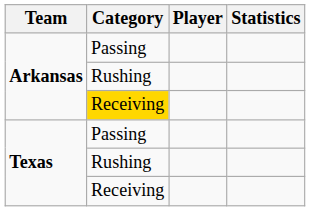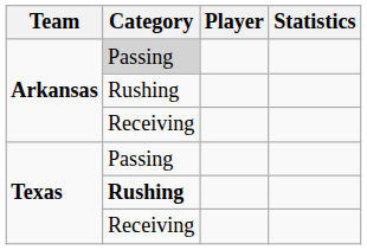 <table class="wikitable" style="float: right;">
 <tr>
 <th>Team</th>
 <th>Category</th>
 <th>Player</th>
 <th>Statistics</th>
 </tr>
 <tr>
 <td rowspan=3><strong>Arkansas</strong></td>
-<td>Passing</td>
-<td></td>
-<td></td>
-</tr>
-<tr>
-<td>Rushing</td>
-<td></td>
-<td></td>
-</tr>
-<tr>
-<td style="background: gold;">Receiving</td>
-<td></td>
-<td></td>
-</tr>
-<tr>
-<td rowspan=3><strong>Texas</strong></td>
-<td>Passing</td>
+<td style="background: lightgrey;">Passing</td>
 <td></td>
 <td></td>
 </tr>
 <tr>
 <td>Rushing</td>
 <td></td>
 <td></td>
 </tr>
 <tr>
 <td>Receiving</td>
 <td></td>
 <td></td>
 </tr>
+<tr>
+<td rowspan=3><strong>Texas</strong></td>
+<td>Passing</td>
+<td></td>
+<td></td>
+</tr>
+<tr>
+<td><strong>Rushing</strong></td>
+<td></td>
+<td></td>
+</tr>
+<tr>
+<td>Receiving</td>
+<td></td>
+<td></td>
+</tr>
 </table>
